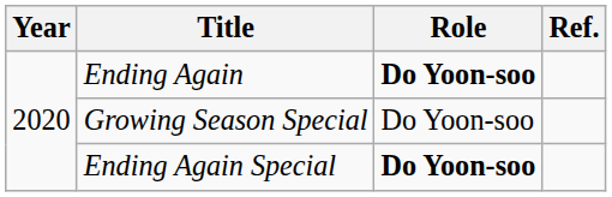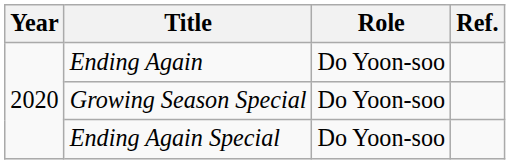 <table class="wikitable">
 <tr>
 <th>Year</th>
 <th>Title</th>
 <th>Role</th>
 <th>Ref.</th>
 </tr>
 <tr>
 <td rowspan="3">2020</td>
 <td><em>Ending Again</em></td>
-<td><strong>Do Yoon-soo</strong></td>
+<td>Do Yoon-soo</td>
 <td></td>
 </tr>
 <tr>
 <td><em>Growing Season Special</em></td>
 <td>Do Yoon-soo</td>
 <td></td>
 </tr>
 <tr>
 <td><em>Ending Again Special</em></td>
-<td><strong>Do Yoon-soo</strong></td>
+<td>Do Yoon-soo</td>
 <td></td>
 </tr>
 </table>
